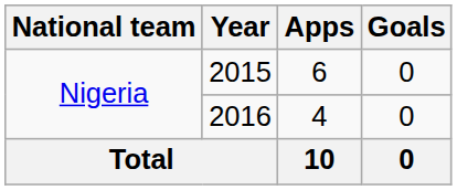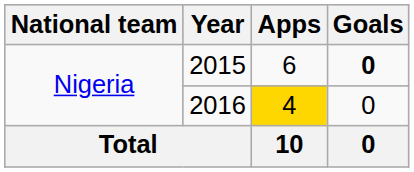 <table class="wikitable" style="text-align:center">
 <tr>
 <th>National team</th>
 <th>Year</th>
 <th>Apps</th>
 <th>Goals</th>
 </tr>
 <tr>
 <td rowspan="2"><a href='#'>Nigeria</a></td>
 <td>2015</td>
 <td>6</td>
-<td>0</td>
+<td><strong>0</strong></td>
 </tr>
 <tr>
 <td>2016</td>
-<td>4</td>
+<td style="background: gold;">4</td>
 <td>0</td>
 </tr>
 <tr>
 <th colspan="2">Total</th>
 <th>10</th>
 <th>0</th>
 </tr>
 </table>
